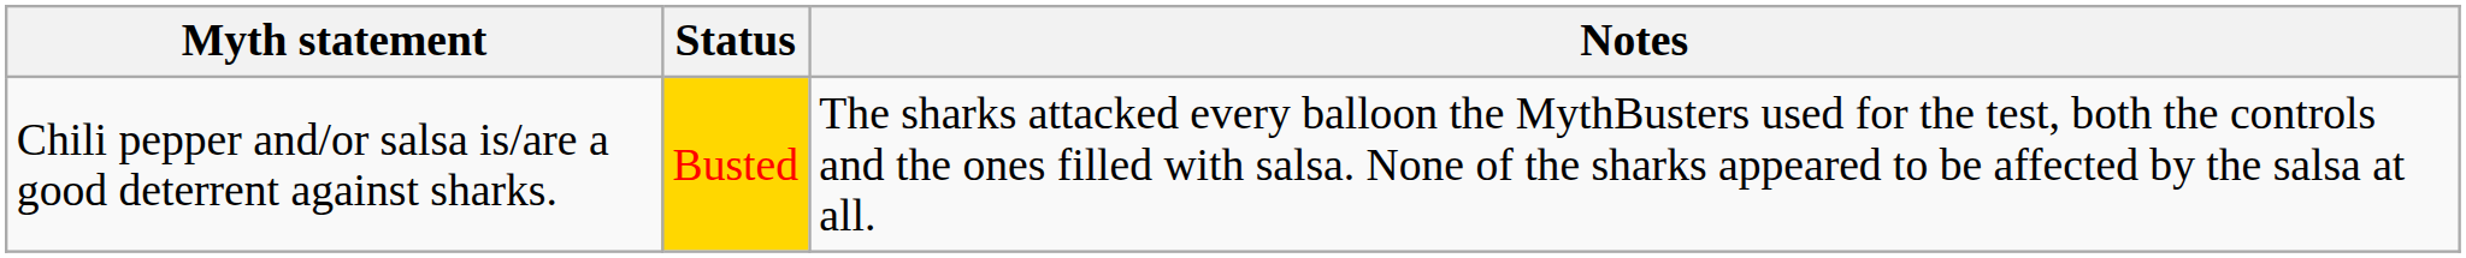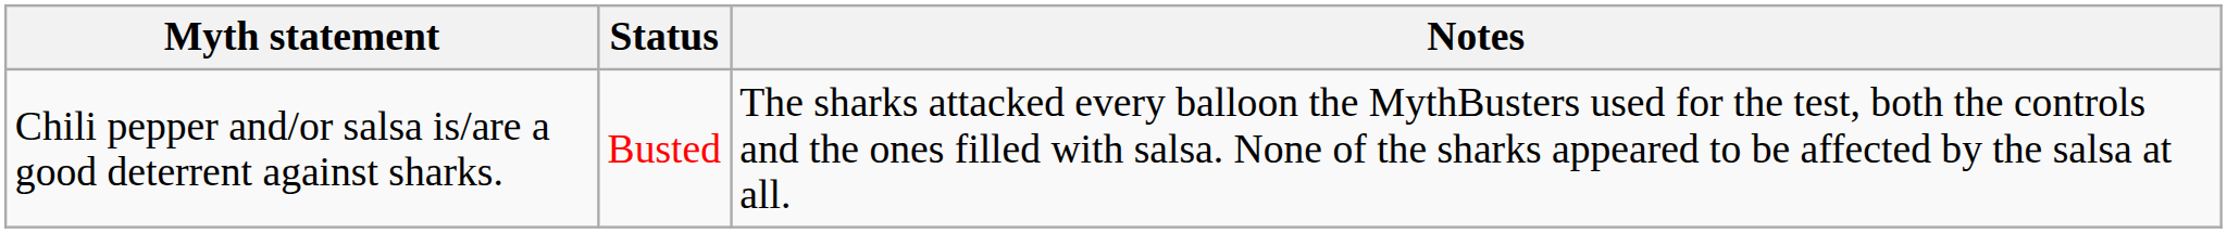 <table class="wikitable plainrowheaders">
 <tr>
 <th>Myth statement</th>
 <th>Status</th>
 <th>Notes</th>
 </tr>
 <tr>
 <td>Chili pepper and/or salsa is/are a good deterrent against sharks.</td>
-<td style="background: gold; color:red">Busted</td>
+<td style="color:red">Busted</td>
 <td>The sharks attacked every balloon the MythBusters used for the test, both the controls and the ones filled with salsa. None of the sharks appeared to be affected by the salsa at all.</td>
 </tr>
 </table>
